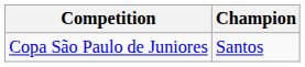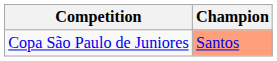 <table class="wikitable">
 <tr>
 <th>Competition</th>
 <th>Champion</th>
 </tr>
 <tr>
 <td><a href='#'>Copa São Paulo de Juniores</a></td>
-<td><a href='#'>Santos</a></td>
+<td style="background: lightsalmon;"><a href='#'>Santos</a></td>
 </tr>
 </table>
